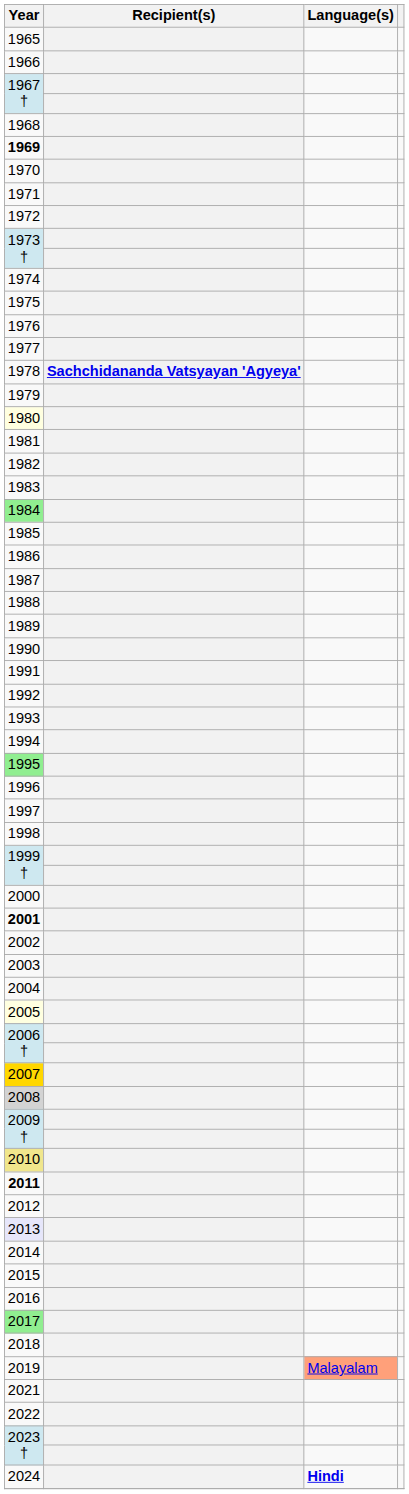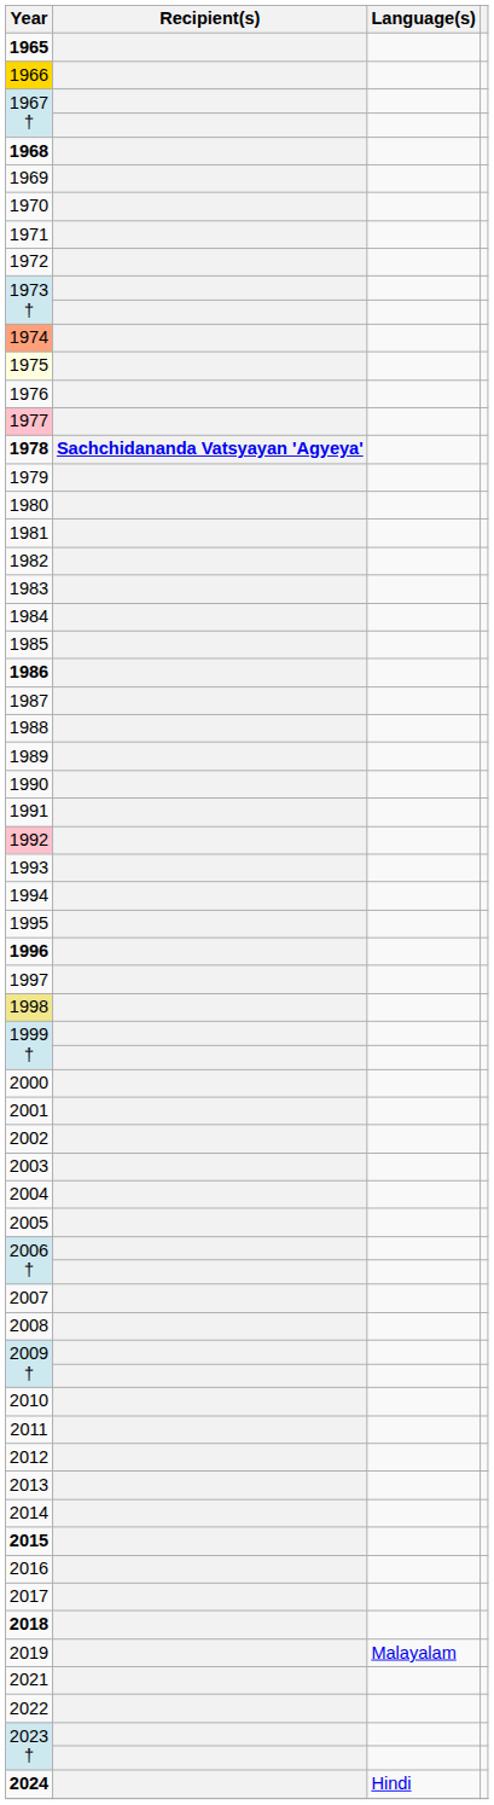 <table class="wikitable plainrowheaders sortable">
 <tr>
 <th scope="col">Year</th>
 <th scope="col">Recipient(s)</th>
 <th scope="col">Language(s)</th>
 <th scope="col" class="unsortable" style="text-align:center;"></th>
 </tr>
 <tr>
-<td style="text-align:center">1965<br></td>
+<td style="text-align:center"><strong>1965<br></strong></td>
 <th scope="row"></th>
 <td></td>
 <td style="text-align:center"></td>
 </tr>
 <tr>
-<td style="text-align:center">1966<br></td>
+<td style="background: gold; text-align:center">1966<br></td>
 <th scope="row"></th>
 <td></td>
 <td style="text-align:center"></td>
 </tr>
 <tr>
 <td style="text-align:center;background-color:#CEE8F0" rowspan=2>1967<br> †</td>
 <th scope="row"></th>
 <td></td>
 <td style="text-align:center"></td>
 </tr>
 <tr>
 <th scope="row"></th>
 <td></td>
 <td style="text-align:center"></td>
 </tr>
 <tr>
-<td style="text-align:center">1968<br></td>
+<td style="text-align:center"><strong>1968<br></strong></td>
 <th scope="row"></th>
 <td></td>
 <td style="text-align:center"></td>
 </tr>
 <tr>
-<td style="text-align:center"><strong>1969<br></strong></td>
+<td style="text-align:center">1969<br></td>
 <th scope="row"></th>
 <td></td>
 <td style="text-align:center"></td>
 </tr>
 <tr>
 <td style="text-align:center">1970<br></td>
 <th scope="row"></th>
 <td></td>
 <td style="text-align:center"></td>
 </tr>
 <tr>
 <td style="text-align:center">1971<br></td>
 <th scope="row"></th>
 <td></td>
 <td style="text-align:center"></td>
 </tr>
 <tr>
 <td style="text-align:center">1972<br></td>
 <th scope="row"></th>
 <td></td>
 <td style="text-align:center"></td>
 </tr>
 <tr>
 <td style="text-align:center;background-color:#CEE8F0" rowspan=2>1973<br> †</td>
 <th scope="row"></th>
 <td></td>
 <td style="text-align:center"></td>
 </tr>
 <tr>
 <th scope="row"></th>
 <td></td>
 <td style="text-align:center"></td>
 </tr>
 <tr>
-<td style="text-align:center">1974<br></td>
+<td style="background: lightsalmon; text-align:center">1974<br></td>
 <th scope="row"></th>
 <td></td>
 <td style="text-align:center"></td>
 </tr>
 <tr>
-<td style="text-align:center">1975<br></td>
+<td style="background: lightyellow; text-align:center">1975<br></td>
 <th scope="row"></th>
 <td></td>
 <td style="text-align:center"></td>
 </tr>
 <tr>
 <td style="text-align:center">1976<br></td>
 <th scope="row"></th>
 <td></td>
 <td style="text-align:center"></td>
 </tr>
 <tr>
-<td style="text-align:center">1977<br></td>
+<td style="background: pink; text-align:center">1977<br></td>
 <th scope="row"></th>
 <td></td>
 <td style="text-align:center"></td>
 </tr>
 <tr>
-<td style="text-align:center">1978<br></td>
+<td style="text-align:center"><strong>1978<br></strong></td>
 <th scope="row"><a href='#'>Sachchidananda Vatsyayan 'Agyeya'</a></th>
 <td></td>
 <td style="text-align:center"></td>
 </tr>
 <tr>
 <td style="text-align:center">1979<br></td>
 <th scope="row"></th>
 <td></td>
 <td style="text-align:center"></td>
 </tr>
 <tr>
-<td style="background: lightyellow; text-align:center">1980<br></td>
+<td style="text-align:center">1980<br></td>
 <th scope="row"></th>
 <td></td>
 <td style="text-align:center"></td>
 </tr>
 <tr>
 <td style="text-align:center">1981<br></td>
 <th scope="row"></th>
 <td></td>
 <td style="text-align:center"></td>
 </tr>
 <tr>
 <td style="text-align:center">1982<br></td>
 <th scope="row"></th>
 <td></td>
 <td style="text-align:center"><br></td>
 </tr>
 <tr>
 <td style="text-align:center">1983<br></td>
 <th scope="row"></th>
 <td></td>
 <td style="text-align:center"></td>
 </tr>
 <tr>
-<td style="background: lightgreen; text-align:center">1984<br></td>
+<td style="text-align:center">1984<br></td>
 <th scope="row"></th>
 <td></td>
 <td style="text-align:center"></td>
 </tr>
 <tr>
 <td style="text-align:center">1985<br></td>
 <th scope="row"></th>
 <td></td>
 <td style="text-align:center"></td>
 </tr>
 <tr>
-<td style="text-align:center">1986<br></td>
+<td style="text-align:center"><strong>1986<br></strong></td>
 <th scope="row"></th>
 <td></td>
 <td style="text-align:center"></td>
 </tr>
 <tr>
 <td style="text-align:center">1987<br></td>
 <th scope="row"></th>
 <td></td>
 <td style="text-align:center"></td>
 </tr>
 <tr>
 <td style="text-align:center">1988<br></td>
 <th scope="row"></th>
 <td></td>
 <td style="text-align:center"></td>
 </tr>
 <tr>
 <td style="text-align:center">1989<br></td>
 <th scope="row"></th>
 <td></td>
 <td style="text-align:center"></td>
 </tr>
 <tr>
 <td style="text-align:center">1990<br></td>
 <th scope="row"></th>
 <td></td>
 <td style="text-align:center"></td>
 </tr>
 <tr>
 <td style="text-align:center">1991<br></td>
 <th scope="row"></th>
 <td></td>
 <td style="text-align:center"></td>
 </tr>
 <tr>
-<td style="text-align:center">1992<br></td>
+<td style="background: pink; text-align:center">1992<br></td>
 <th scope="row"></th>
 <td></td>
 <td style="text-align:center"></td>
 </tr>
 <tr>
 <td style="text-align:center">1993<br></td>
 <th scope="row"></th>
 <td></td>
 <td style="text-align:center"></td>
 </tr>
 <tr>
 <td style="text-align:center">1994<br></td>
 <th scope="row"></th>
 <td></td>
 <td style="text-align:center"></td>
 </tr>
 <tr>
-<td style="background: lightgreen; text-align:center">1995<br></td>
+<td style="text-align:center">1995<br></td>
 <th scope="row"></th>
 <td></td>
 <td style="text-align:center"></td>
 </tr>
 <tr>
-<td style="text-align:center">1996<br></td>
+<td style="text-align:center"><strong>1996<br></strong></td>
 <th scope="row"></th>
 <td></td>
 <td style="text-align:center"></td>
 </tr>
 <tr>
 <td style="text-align:center">1997<br></td>
 <th scope="row"></th>
 <td></td>
 <td style="text-align:center"></td>
 </tr>
 <tr>
-<td style="text-align:center">1998<br></td>
+<td style="background: khaki; text-align:center">1998<br></td>
 <th scope="row"></th>
 <td></td>
 <td style="text-align:center"></td>
 </tr>
 <tr>
 <td style="text-align:center;background-color:#CEE8F0" rowspan=2>1999<br> †</td>
 <th scope="row"></th>
 <td></td>
 <td style="text-align:center"></td>
 </tr>
 <tr>
 <th scope="row"></th>
 <td></td>
 <td style="text-align:center"></td>
 </tr>
 <tr>
 <td style="text-align:center">2000<br></td>
 <th scope="row"></th>
 <td></td>
 <td style="text-align:center"></td>
 </tr>
 <tr>
-<td style="text-align:center"><strong>2001<br></strong></td>
+<td style="text-align:center">2001<br></td>
 <th scope="row"></th>
 <td></td>
 <td style="text-align:center"></td>
 </tr>
 <tr>
 <td style="text-align:center">2002<br></td>
 <th scope="row"></th>
 <td></td>
 <td style="text-align:center"></td>
 </tr>
 <tr>
 <td style="text-align:center">2003<br></td>
 <th scope="row"></th>
 <td></td>
 <td style="text-align:center"></td>
 </tr>
 <tr>
 <td style="text-align:center">2004<br></td>
 <th scope="row"></th>
 <td></td>
 <td style="text-align:center"></td>
 </tr>
 <tr>
-<td style="background: lightyellow; text-align:center">2005<br></td>
+<td style="text-align:center">2005<br></td>
 <th scope="row"></th>
 <td></td>
 <td style="text-align:center"></td>
 </tr>
 <tr>
 <td style="text-align:center;background-color:#CEE8F0" rowspan=2>2006<br> †</td>
 <th scope="row"></th>
 <td></td>
 <td style="text-align:center"></td>
 </tr>
 <tr>
 <th scope="row"></th>
 <td></td>
 <td style="text-align:center"></td>
 </tr>
 <tr>
-<td style="background: gold; text-align:center">2007<br></td>
+<td style="text-align:center">2007<br></td>
 <th scope="row"></th>
 <td></td>
 <td style="text-align:center"></td>
 </tr>
 <tr>
-<td style="background: lightgrey; text-align:center">2008<br></td>
+<td style="text-align:center">2008<br></td>
 <th scope="row"></th>
 <td></td>
 <td style="text-align:center"></td>
 </tr>
 <tr>
 <td style="text-align:center;background-color:#CEE8F0" rowspan=2>2009<br> †</td>
 <th scope="row"></th>
 <td></td>
 <td style="text-align:center"></td>
 </tr>
 <tr>
 <th scope="row"></th>
 <td></td>
 <td style="text-align:center"></td>
 </tr>
 <tr>
-<td style="background: khaki; text-align:center">2010<br></td>
+<td style="text-align:center">2010<br></td>
 <th scope="row"></th>
 <td></td>
 <td style="text-align:center"></td>
 </tr>
 <tr>
-<td style="text-align:center"><strong>2011<br></strong></td>
+<td style="text-align:center">2011<br></td>
 <th scope="row"></th>
 <td></td>
 <td style="text-align:center"></td>
 </tr>
 <tr>
 <td style="text-align:center">2012<br></td>
 <th scope="row"></th>
 <td></td>
 <td style="text-align:center"></td>
 </tr>
 <tr>
-<td style="background: lavender; text-align:center">2013<br></td>
+<td style="text-align:center">2013<br></td>
 <th scope="row"></th>
 <td></td>
 <td style="text-align:center"></td>
 </tr>
 <tr>
 <td style="text-align:center">2014<br></td>
 <th scope="row"></th>
 <td></td>
 <td style="text-align:center"></td>
 </tr>
 <tr>
-<td style="text-align:center">2015<br></td>
+<td style="text-align:center"><strong>2015<br></strong></td>
 <th scope="row"></th>
 <td></td>
 <td style="text-align:center"></td>
 </tr>
 <tr>
 <td style="text-align:center">2016<br></td>
 <th scope="row"></th>
 <td></td>
 <td style="text-align:center"></td>
 </tr>
 <tr>
-<td style="background: lightgreen; text-align:center">2017<br></td>
+<td style="text-align:center">2017<br></td>
 <th scope="row"></th>
 <td></td>
 <td style="text-align:center"></td>
 </tr>
 <tr>
-<td style="text-align:center">2018<br></td>
+<td style="text-align:center"><strong>2018<br></strong></td>
 <th scope="row"></th>
 <td></td>
 <td style="text-align:center"></td>
 </tr>
 <tr>
 <td style="text-align:center">2019<br></td>
 <th scope="row"></th>
-<td style="background: lightsalmon;"><a href='#'>Malayalam</a></td>
+<td><a href='#'>Malayalam</a></td>
 <td style="text-align:center"></td>
 </tr>
 <tr>
 <td style="text-align:center">2021<br></td>
 <th scope="row"></th>
 <td></td>
 <td style="text-align:center"><br></td>
 </tr>
 <tr>
 <td style="text-align:center">2022<br></td>
 <th scope="row"></th>
 <td></td>
 <td style="text-align:center"></td>
 </tr>
 <tr>
 <td style="text-align:center;background-color:#CEE8F0" rowspan=2>2023<br> †</td>
 <th scope="row"></th>
 <td></td>
 <td style="text-align:center"></td>
 </tr>
 <tr>
 <th scope="row"></th>
 <td></td>
 <td style="text-align:center"></td>
 </tr>
 <tr>
-<td style="text-align:center">2024<br></td>
+<td style="text-align:center"><strong>2024<br></strong></td>
 <th scope="row"></th>
-<td><strong><a href='#'>Hindi</a></strong></td>
+<td><a href='#'>Hindi</a></td>
 <td style="text-align:center"></td>
 </tr>
 <tr>
 </tr>
 </table>
